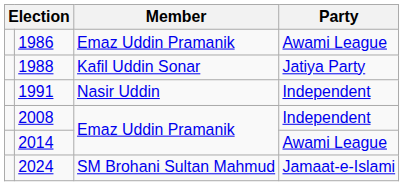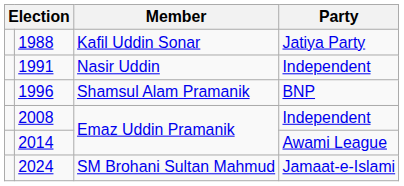 <table class="wikitable">
 <tr>
 <th colspan="2">Election</th>
 <th>Member</th>
 <th>Party</th>
-</tr>
-<tr>
-<td style="background-color:"></td>
-<td><a href='#'>1986</a></td>
-<td><a href='#'>Emaz Uddin Pramanik</a></td>
-<td><a href='#'>Awami League</a></td>
 </tr>
 <tr>
 <td style="background-color:"></td>
 <td><a href='#'>1988</a></td>
 <td><a href='#'>Kafil Uddin Sonar</a></td>
 <td><a href='#'>Jatiya Party</a></td>
 </tr>
 <tr>
 <td style="background-color:"></td>
 <td><a href='#'>1991</a></td>
 <td><a href='#'>Nasir Uddin</a></td>
 <td><a href='#'>Independent</a></td>
+</tr>
+<tr>
+<td style="background-color:"></td>
+<td><a href='#'>1996</a></td>
+<td><a href='#'>Shamsul Alam Pramanik</a></td>
+<td><a href='#'>BNP</a></td>
 </tr>
 <tr>
 <td style="background-color:"></td>
 <td><a href='#'>2008</a></td>
 <td rowspan="2"><a href='#'>Emaz Uddin Pramanik</a></td>
 <td><a href='#'>Independent</a></td>
 </tr>
 <tr>
 <td style="background-color:"></td>
 <td><a href='#'>2014</a></td>
 <td><a href='#'>Awami League</a></td>
 </tr>
 <tr>
 <td style="background-color:"></td>
 <td><a href='#'>2024</a></td>
 <td><a href='#'>SM Brohani Sultan Mahmud</a></td>
 <td><a href='#'>Jamaat-e-Islami</a></td>
 </tr>
 </table>
